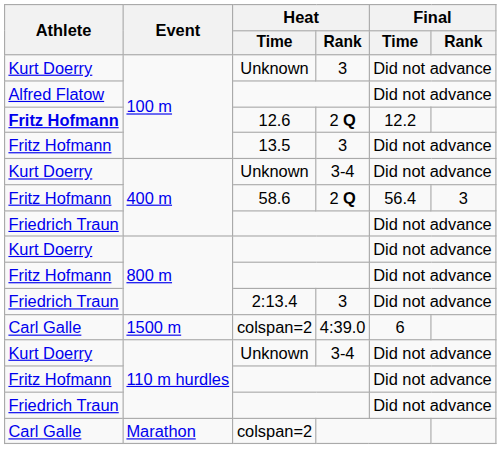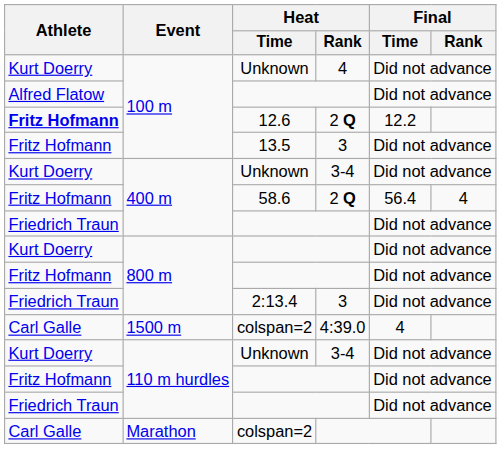 <table class=wikitable style=font-size:90%;text-align:center>
 <tr>
 <th rowspan=2>Athlete</th>
 <th rowspan=2>Event</th>
 <th colspan=2>Heat</th>
 <th colspan=2>Final</th>
 </tr>
 <tr style=font-size:95%>
 <th>Time</th>
 <th>Rank</th>
 <th>Time</th>
 <th>Rank</th>
 </tr>
 <tr>
 <td align=left><a href='#'>Kurt Doerry</a></td>
 <td align=left rowspan=4><a href='#'>100 m</a></td>
 <td>Unknown</td>
-<td>3</td>
+<td>4</td>
 <td colspan=2>Did not advance</td>
 </tr>
 <tr>
 <td align=left><a href='#'>Alfred Flatow</a></td>
 <td colspan=2></td>
 <td colspan=2>Did not advance</td>
 </tr>
 <tr>
 <td align=left><strong><a href='#'>Fritz Hofmann</a></strong></td>
 <td>12.6</td>
 <td>2 <strong>Q</strong></td>
 <td>12.2</td>
 <td></td>
 </tr>
 <tr>
 <td align=left><a href='#'>Fritz Hofmann</a></td>
 <td>13.5</td>
 <td>3</td>
 <td colspan=2>Did not advance</td>
 </tr>
 <tr>
 <td align=left><a href='#'>Kurt Doerry</a></td>
 <td align=left rowspan=3><a href='#'>400 m</a></td>
 <td>Unknown</td>
 <td>3-4</td>
 <td colspan=2>Did not advance</td>
 </tr>
 <tr>
 <td align=left><a href='#'>Fritz Hofmann</a></td>
 <td>58.6</td>
 <td>2 <strong>Q</strong></td>
 <td>56.4</td>
-<td>3</td>
+<td>4</td>
 </tr>
 <tr>
 <td align=left><a href='#'>Friedrich Traun</a></td>
 <td colspan=2></td>
 <td colspan=2>Did not advance</td>
 </tr>
 <tr>
 <td align=left><a href='#'>Kurt Doerry</a></td>
 <td align=left rowspan=3><a href='#'>800 m</a></td>
 <td colspan=2></td>
 <td colspan=2>Did not advance</td>
 </tr>
 <tr>
 <td align=left><a href='#'>Fritz Hofmann</a></td>
 <td colspan=2></td>
 <td colspan=2>Did not advance</td>
 </tr>
 <tr>
 <td align=left><a href='#'>Friedrich Traun</a></td>
 <td>2:13.4</td>
 <td>3</td>
 <td colspan=2>Did not advance</td>
 </tr>
 <tr>
 <td align=left><a href='#'>Carl Galle</a></td>
 <td align=left><a href='#'>1500 m</a></td>
 <td>colspan=2 </td>
 <td>4:39.0</td>
-<td>6</td>
+<td>4</td>
 </tr>
 <tr>
 <td align=left><a href='#'>Kurt Doerry</a></td>
 <td align=left rowspan=3><a href='#'>110 m hurdles</a></td>
 <td>Unknown</td>
 <td>3-4</td>
 <td colspan=2>Did not advance</td>
 </tr>
 <tr>
 <td align=left><a href='#'>Fritz Hofmann</a></td>
 <td colspan=2></td>
 <td colspan=2>Did not advance</td>
 </tr>
 <tr>
 <td align=left><a href='#'>Friedrich Traun</a></td>
 <td colspan=2></td>
 <td colspan=2>Did not advance</td>
 </tr>
 <tr>
 <td align=left><a href='#'>Carl Galle</a></td>
 <td align=left><a href='#'>Marathon</a></td>
 <td>colspan=2 </td>
 <td colspan=2></td>
 </tr>
 </table>
